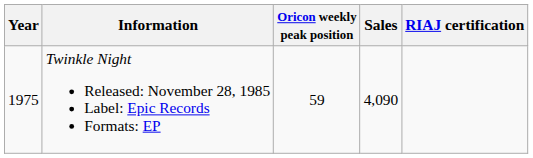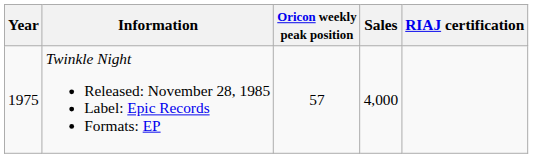 <table class="wikitable">
 <tr>
 <th>Year</th>
 <th>Information</th>
 <th><small><a href='#'>Oricon</a> weekly<br>peak position</small></th>
 <th>Sales<br></th>
 <th><a href='#'>RIAJ</a> certification</th>
 </tr>
 <tr>
 <td>1975</td>
 <td><em>Twinkle Night</em><br><ul><li>Released: November 28, 1985</li><li>Label: <a href='#'>Epic Records</a></li><li>Formats: <a href='#'>EP</a></li></ul></td>
-<td style="text-align:center;">59</td>
-<td align="left">4,090</td>
+<td style="text-align:center;">57</td>
+<td align="left">4,000</td>
 <td align="left"></td>
 </tr>
 </table>
